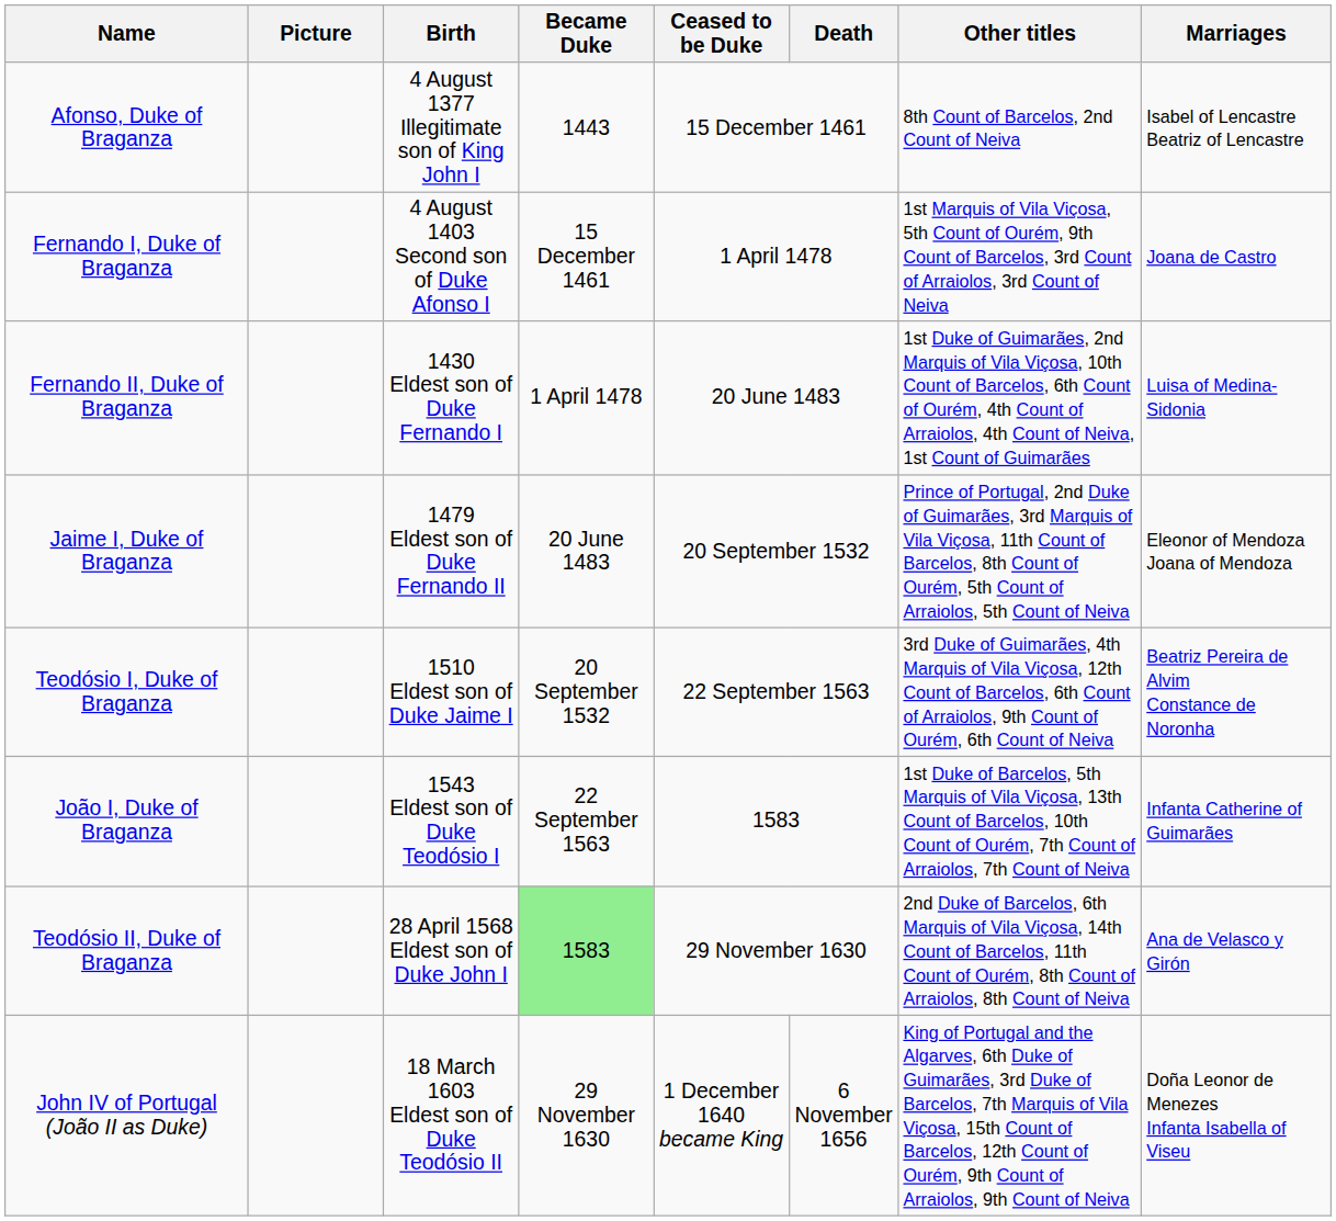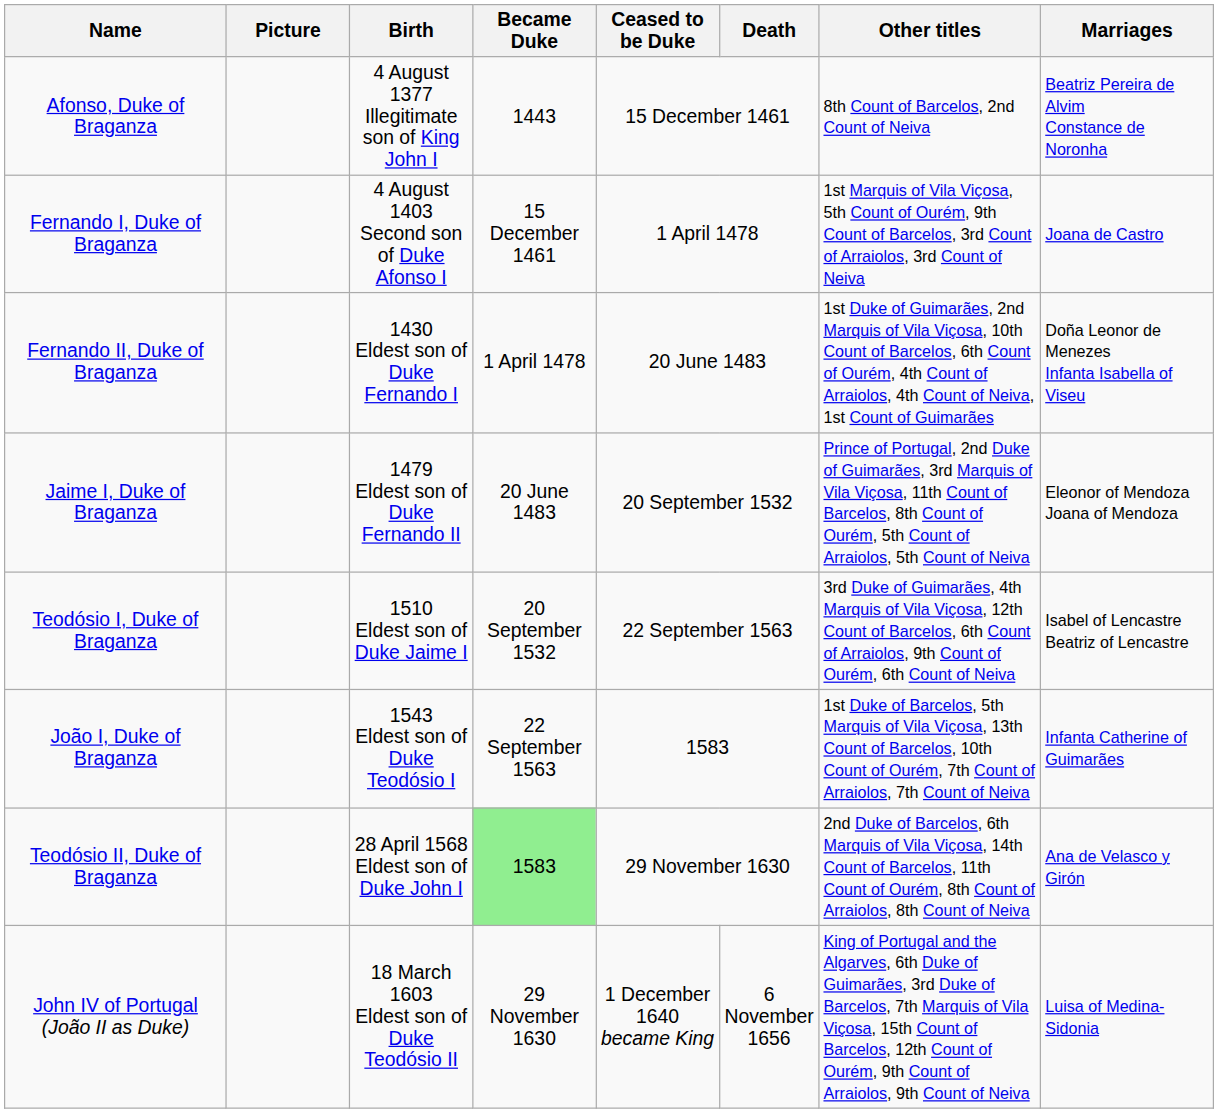 <table width=1000px class="wikitable">
 <tr>
 <th width=18%>Name</th>
 <th width=10%>Picture</th>
 <th width=10%>Birth</th>
 <th width=10%>Became Duke</th>
 <th width=10%>Ceased to be Duke</th>
 <th width=7%>Death</th>
 <th width=18%>Other titles</th>
 <th width=14%>Marriages</th>
 </tr>
 <tr>
 <td align="center"><a href='#'>Afonso, Duke of Braganza</a></td>
 <td align="center"></td>
 <td align="center">4 August 1377<br>Illegitimate son of <a href='#'>King John I</a></td>
 <td align="center">1443</td>
 <td align="center" colspan="2">15 December 1461</td>
 <td align="left"><small>8th <a href='#'>Count of Barcelos</a>, 2nd <a href='#'>Count of Neiva</a></small></td>
-<td><small>Isabel of Lencastre</small><br><small>Beatriz of Lencastre</small></td>
+<td><small><a href='#'>Beatriz Pereira de Alvim</a></small><br><small><a href='#'>Constance de Noronha</a></small></td>
 </tr>
 <tr>
 <td align="center"><a href='#'>Fernando I, Duke of Braganza</a></td>
 <td align="center"></td>
 <td align="center">4 August 1403<br>Second son of <a href='#'>Duke Afonso I</a></td>
 <td align="center">15 December 1461</td>
 <td align="center" colspan="2">1 April 1478</td>
 <td align="left"><small>1st <a href='#'>Marquis of Vila Viçosa</a>, 5th <a href='#'>Count of Ourém</a>, 9th <a href='#'>Count of Barcelos</a>, 3rd <a href='#'>Count of Arraiolos</a>, 3rd <a href='#'>Count of Neiva</a></small></td>
 <td><small><a href='#'>Joana de Castro</a></small></td>
 </tr>
 <tr>
 <td align="center"><a href='#'>Fernando II, Duke of Braganza</a></td>
 <td align="center"></td>
 <td align="center">1430<br>Eldest son of <a href='#'>Duke Fernando I</a></td>
 <td align="center">1 April 1478</td>
 <td align="center" colspan="2">20 June 1483</td>
 <td align="left"><small>1st <a href='#'>Duke of Guimarães</a>, 2nd <a href='#'>Marquis of Vila Viçosa</a>, 10th <a href='#'>Count of Barcelos</a>, 6th <a href='#'>Count of Ourém</a>, 4th <a href='#'>Count of Arraiolos</a>, 4th <a href='#'>Count of Neiva</a>, 1st <a href='#'>Count of Guimarães</a></small></td>
-<td><small><a href='#'>Luisa of Medina-Sidonia</a></small></td>
+<td><small>Doña Leonor de Menezes</small><br><small><a href='#'>Infanta Isabella of Viseu</a></small></td>
 </tr>
 <tr>
 <td align="center"><a href='#'>Jaime I, Duke of Braganza</a></td>
 <td align="center"></td>
 <td align="center">1479 <br>Eldest son of <a href='#'>Duke Fernando II</a></td>
 <td align="center">20 June 1483</td>
 <td align="center" colspan="2">20 September 1532</td>
 <td align="left"><small><a href='#'>Prince of Portugal</a>, 2nd <a href='#'>Duke of Guimarães</a>, 3rd <a href='#'>Marquis of Vila Viçosa</a>, 11th <a href='#'>Count of Barcelos</a>, 8th <a href='#'>Count of Ourém</a>, 5th <a href='#'>Count of Arraiolos</a>, 5th <a href='#'>Count of Neiva</a></small></td>
 <td><small>Eleonor of Mendoza</small><br><small>Joana of Mendoza</small></td>
 </tr>
 <tr>
 <td align="center"><a href='#'>Teodósio I, Duke of Braganza</a></td>
 <td align="center"></td>
 <td align="center">1510 <br>Eldest son of <a href='#'>Duke Jaime I</a></td>
 <td align="center">20 September 1532</td>
 <td align="center" colspan="2">22 September 1563</td>
 <td align="left"><small>3rd <a href='#'>Duke of Guimarães</a>, 4th <a href='#'>Marquis of Vila Viçosa</a>, 12th <a href='#'>Count of Barcelos</a>, 6th <a href='#'>Count of Arraiolos</a>, 9th <a href='#'>Count of Ourém</a>, 6th <a href='#'>Count of Neiva</a></small></td>
-<td><small><a href='#'>Beatriz Pereira de Alvim</a></small><br><small><a href='#'>Constance de Noronha</a></small></td>
+<td><small>Isabel of Lencastre</small><br><small>Beatriz of Lencastre</small></td>
 </tr>
 <tr>
 <td align="center"><a href='#'>João I, Duke of Braganza</a></td>
 <td align="center"></td>
 <td align="center">1543 <br>Eldest son of <a href='#'>Duke Teodósio I</a></td>
 <td align="center">22 September 1563</td>
 <td align="center" colspan="2">1583</td>
 <td align="left"><small>1st <a href='#'>Duke of Barcelos</a>, 5th <a href='#'>Marquis of Vila Viçosa</a>, 13th <a href='#'>Count of Barcelos</a>, 10th <a href='#'>Count of Ourém</a>, 7th <a href='#'>Count of Arraiolos</a>, 7th <a href='#'>Count of Neiva</a></small></td>
 <td><small><a href='#'>Infanta Catherine of Guimarães</a></small></td>
 </tr>
 <tr>
 <td align="center"><a href='#'>Teodósio II, Duke of Braganza</a></td>
 <td align="center"></td>
 <td align="center">28 April 1568 <br>Eldest son of <a href='#'>Duke John I</a></td>
 <td align="center" style="background: lightgreen;">1583</td>
 <td align="center" colspan="2">29 November 1630</td>
 <td align="left"><small>2nd <a href='#'>Duke of Barcelos</a>, 6th <a href='#'>Marquis of Vila Viçosa</a>, 14th <a href='#'>Count of Barcelos</a>, 11th <a href='#'>Count of Ourém</a>, 8th <a href='#'>Count of Arraiolos</a>, 8th <a href='#'>Count of Neiva</a></small></td>
 <td><small><a href='#'>Ana de Velasco y Girón</a></small></td>
 </tr>
 <tr>
 <td align="center"><a href='#'>John IV of Portugal</a><br><em>(João II as Duke)</em></td>
 <td align="center"></td>
 <td align="center">18 March 1603 <br>Eldest son of <a href='#'>Duke Teodósio II</a></td>
 <td align="center">29 November 1630</td>
 <td align="center">1 December 1640<br><em>became King</em></td>
 <td align="center">6 November 1656</td>
 <td align="left"><small><a href='#'>King of Portugal and the Algarves</a>, 6th <a href='#'>Duke of Guimarães</a>, 3rd <a href='#'>Duke of Barcelos</a>, 7th <a href='#'>Marquis of Vila Viçosa</a>, 15th <a href='#'>Count of Barcelos</a>, 12th <a href='#'>Count of Ourém</a>, 9th <a href='#'>Count of Arraiolos</a>, 9th <a href='#'>Count of Neiva</a></small></td>
-<td><small>Doña Leonor de Menezes</small><br><small><a href='#'>Infanta Isabella of Viseu</a></small></td>
+<td><small><a href='#'>Luisa of Medina-Sidonia</a></small></td>
 </tr>
 </table>
